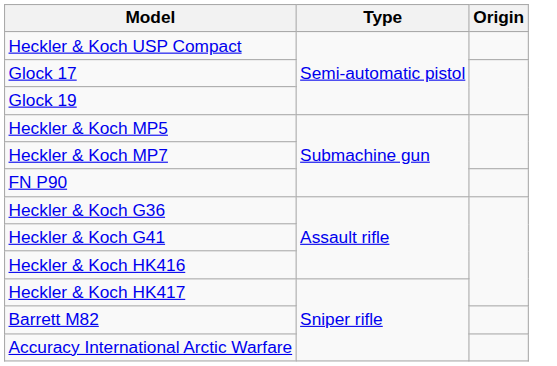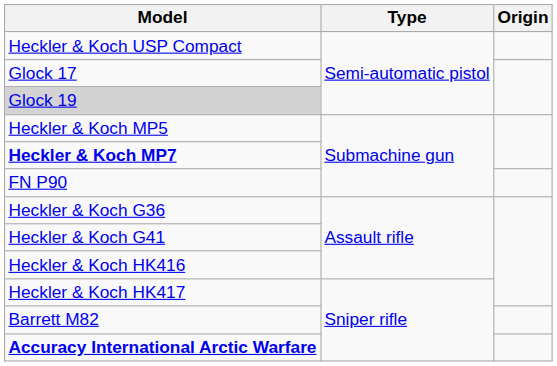 <table class="wikitable">
 <tr>
 <th>Model</th>
 <th>Type</th>
 <th>Origin</th>
 </tr>
 <tr>
 <td><a href='#'>Heckler & Koch USP Compact</a></td>
 <td rowspan="3"><a href='#'>Semi-automatic pistol</a></td>
 <td></td>
 </tr>
 <tr>
 <td><a href='#'>Glock 17</a></td>
 <td rowspan="2"></td>
 </tr>
 <tr>
-<td><a href='#'>Glock 19</a></td>
+<td style="background: lightgrey;"><a href='#'>Glock 19</a></td>
 </tr>
 <tr>
 <td><a href='#'>Heckler & Koch MP5</a></td>
 <td rowspan="3"><a href='#'>Submachine gun</a></td>
 <td rowspan="2"></td>
 </tr>
 <tr>
-<td><a href='#'>Heckler & Koch MP7</a></td>
+<td><strong><a href='#'>Heckler & Koch MP7</a></strong></td>
 </tr>
 <tr>
 <td><a href='#'>FN P90</a></td>
 <td></td>
 </tr>
 <tr>
 <td><a href='#'>Heckler & Koch G36</a></td>
 <td rowspan="3"><a href='#'>Assault rifle</a></td>
 <td rowspan="4"></td>
 </tr>
 <tr>
 <td><a href='#'>Heckler & Koch G41</a></td>
 </tr>
 <tr>
 <td><a href='#'>Heckler & Koch HK416</a></td>
 </tr>
 <tr>
 <td><a href='#'>Heckler & Koch HK417</a></td>
 <td rowspan="3"><a href='#'>Sniper rifle</a></td>
 </tr>
 <tr>
 <td><a href='#'>Barrett M82</a></td>
 <td></td>
 </tr>
 <tr>
-<td><a href='#'>Accuracy International Arctic Warfare</a></td>
+<td><strong><a href='#'>Accuracy International Arctic Warfare</a></strong></td>
 <td></td>
 </tr>
 </table>
